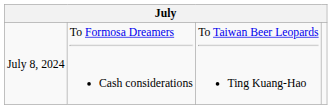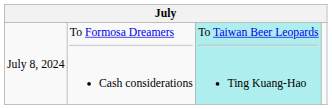 <table class="wikitable" style="text-align:center">
 <tr>
 <th colspan=4>July</th>
 </tr>
 <tr>
 <td>July 8, 2024</td>
 <td align="left" valign="top">To <a href='#'>Formosa Dreamers</a><hr><br><ul><li>Cash considerations</li></ul></td>
-<td align="left" valign="top">To <a href='#'>Taiwan Beer Leopards</a><hr><br><ul><li>Ting Kuang-Hao</li></ul></td>
+<td align="left" valign="top" style="background: paleturquoise;">To <a href='#'>Taiwan Beer Leopards</a><hr><br><ul><li>Ting Kuang-Hao</li></ul></td>
 <td align="center"></td>
 </tr>
 </table>
